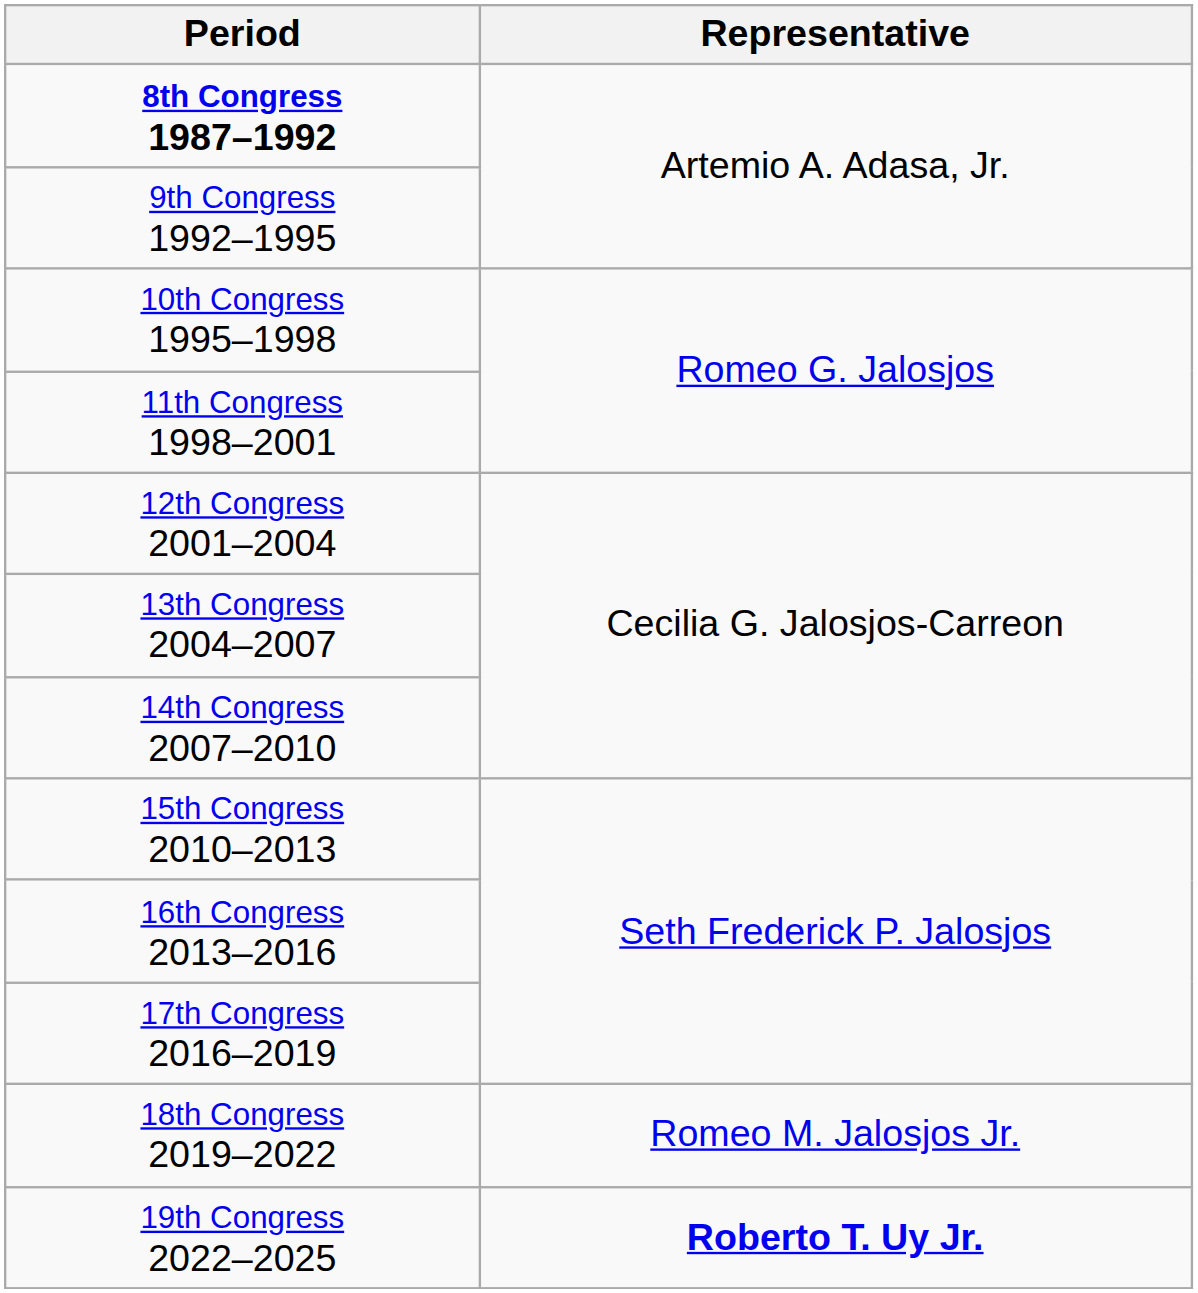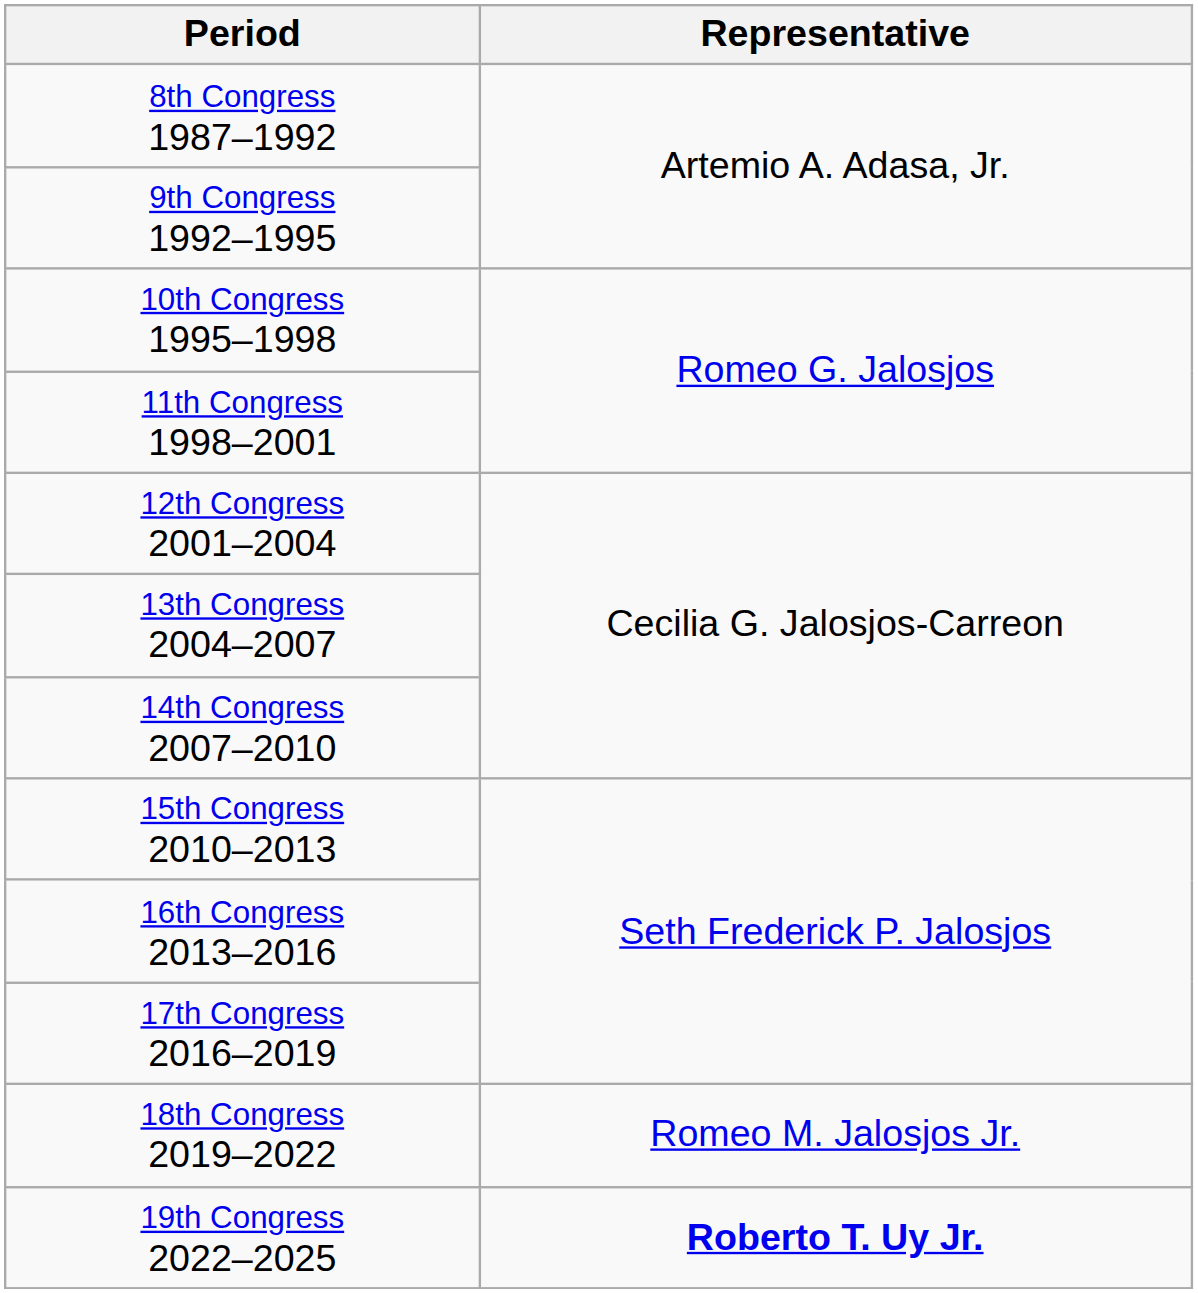 <table class="wikitable" style="text-align:center; width:40%;">
 <tr>
 <th width="40%">Period</th>
 <th>Representative</th>
 </tr>
 <tr>
-<td><strong><small><a href='#'>8th Congress</a></small><br>1987–1992</strong></td>
+<td><small><a href='#'>8th Congress</a></small><br>1987–1992</td>
 <td rowspan="2">Artemio A. Adasa, Jr.</td>
 </tr>
 <tr>
 <td><small><a href='#'>9th Congress</a></small><br>1992–1995</td>
 </tr>
 <tr>
 <td><small><a href='#'>10th Congress</a></small><br>1995–1998</td>
 <td rowspan="3"><a href='#'>Romeo G. Jalosjos</a></td>
 </tr>
 <tr>
 <td><small><a href='#'>11th Congress</a></small><br>1998–2001</td>
 </tr>
 <tr>
 <td rowspan="2"><small><a href='#'>12th Congress</a></small><br>2001–2004</td>
 </tr>
 <tr>
 <td rowspan="3">Cecilia G. Jalosjos-Carreon</td>
 </tr>
 <tr>
 <td><small><a href='#'>13th Congress</a></small><br>2004–2007</td>
 </tr>
 <tr>
 <td><small><a href='#'>14th Congress</a></small><br>2007–2010</td>
 </tr>
 <tr>
 <td><small><a href='#'>15th Congress</a></small><br>2010–2013</td>
 <td rowspan="3"><a href='#'>Seth Frederick P. Jalosjos</a></td>
 </tr>
 <tr>
 <td><small><a href='#'>16th Congress</a></small><br>2013–2016</td>
 </tr>
 <tr>
 <td><small><a href='#'>17th Congress</a></small><br>2016–2019</td>
 </tr>
 <tr>
 <td><small><a href='#'>18th Congress</a></small><br>2019–2022</td>
 <td rowspan="2"><a href='#'>Romeo M. Jalosjos Jr.</a></td>
 </tr>
 <tr>
 <td rowspan="2"><small><a href='#'>19th Congress</a></small><br>2022–2025</td>
 </tr>
 <tr>
 <td><strong><a href='#'>Roberto T. Uy Jr.</a></strong></td>
 </tr>
 </table>
